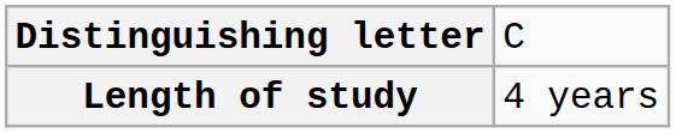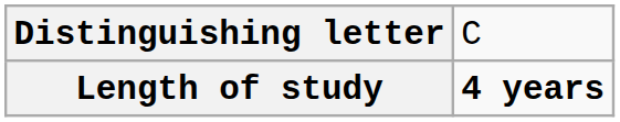 <table class="wikitable">
 <tr>
 <th>Distinguishing letter</th>
 <td>C</td>
 </tr>
 <tr>
 <th>Length of study</th>
-<td>4 years</td>
+<td><strong>4 years</strong></td>
 </tr>
 </table>
